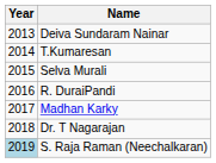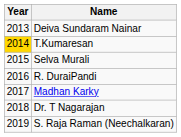 <table class="wikitable">
 <tr>
 <th>Year</th>
 <th>Name</th>
 </tr>
 <tr>
 <td>2013</td>
 <td>Deiva Sundaram Nainar </td>
 </tr>
 <tr>
-<td>2014</td>
+<td style="background: gold;">2014</td>
 <td>T.Kumaresan </td>
 </tr>
 <tr>
 <td>2015</td>
 <td>Selva Murali </td>
 </tr>
 <tr>
 <td>2016</td>
 <td>R. DuraiPandi</td>
 </tr>
 <tr>
 <td>2017</td>
 <td><a href='#'>Madhan Karky</a></td>
 </tr>
 <tr>
 <td>2018</td>
 <td>Dr. T Nagarajan </td>
 </tr>
 <tr>
-<td style="background: lightblue;">2019</td>
+<td>2019</td>
 <td>S. Raja Raman (Neechalkaran)</td>
 </tr>
 </table>
